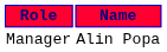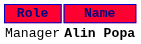 <table class="toccolours">
 <tr>
 <th style="background:#FF0030;color:#000080;border:1px solid #0000CD">Role</th>
 <th style="background:#FF0030;color:#000080;border:1px solid #0000CD">Name</th>
 </tr>
 <tr>
 <td>Manager</td>
-<td> Alin Popa</td>
+<td><strong> Alin Popa</strong></td>
 </tr>
 </table>
